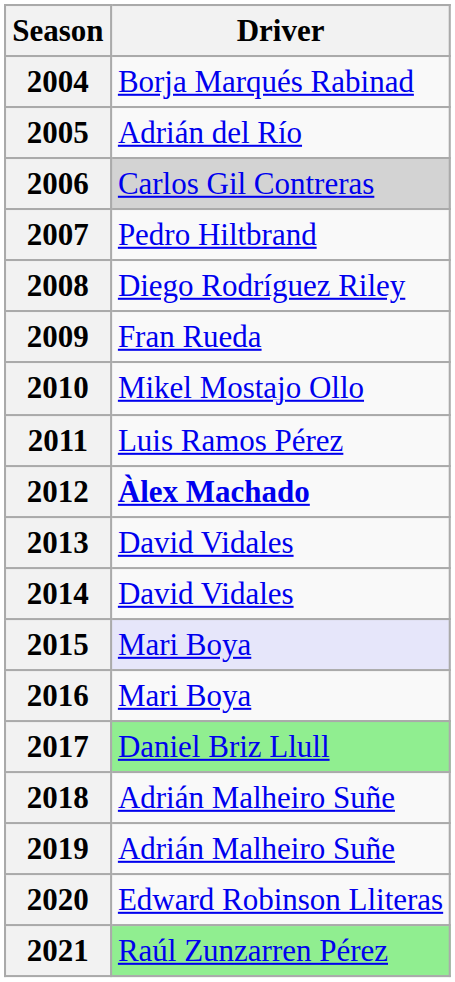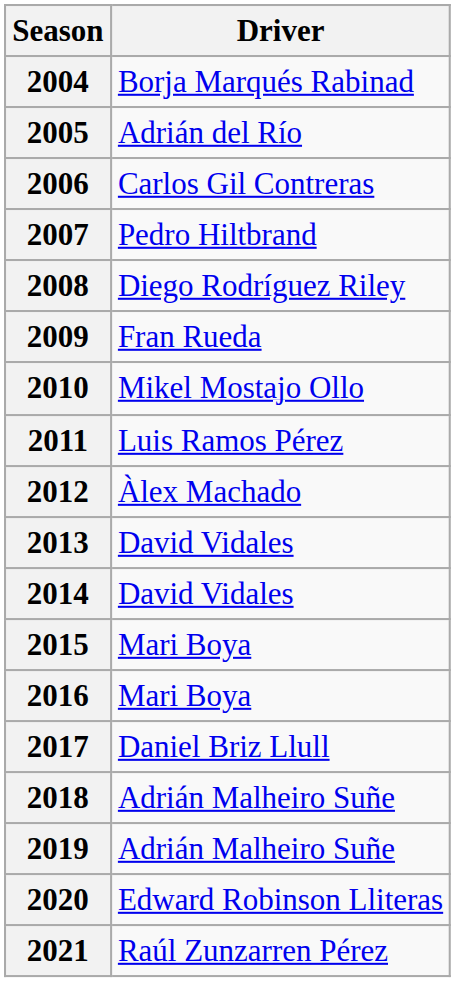 <table class="wikitable" style="font-size: 95%;">
 <tr>
 <th>Season</th>
 <th>Driver</th>
 </tr>
 <tr>
 <th>2004</th>
 <td> <a href='#'>Borja Marqués Rabinad</a></td>
 </tr>
 <tr>
 <th>2005</th>
 <td> <a href='#'>Adrián del Río</a></td>
 </tr>
 <tr>
 <th>2006</th>
-<td style="background: lightgrey;"> <a href='#'>Carlos Gil Contreras</a></td>
+<td> <a href='#'>Carlos Gil Contreras</a></td>
 </tr>
 <tr>
 <th>2007</th>
 <td> <a href='#'>Pedro Hiltbrand</a></td>
 </tr>
 <tr>
 <th>2008</th>
 <td> <a href='#'>Diego Rodríguez Riley</a></td>
 </tr>
 <tr>
 <th>2009</th>
 <td> <a href='#'>Fran Rueda</a></td>
 </tr>
 <tr>
 <th>2010</th>
 <td> <a href='#'>Mikel Mostajo Ollo</a></td>
 </tr>
 <tr>
 <th>2011</th>
 <td> <a href='#'>Luis Ramos Pérez</a></td>
 </tr>
 <tr>
 <th>2012</th>
-<td><strong> <a href='#'>Àlex Machado</a></strong></td>
+<td> <a href='#'>Àlex Machado</a></td>
 </tr>
 <tr>
 <th>2013</th>
 <td> <a href='#'>David Vidales</a></td>
 </tr>
 <tr>
 <th>2014</th>
 <td> <a href='#'>David Vidales</a></td>
 </tr>
 <tr>
 <th>2015</th>
-<td style="background: lavender;"> <a href='#'>Mari Boya</a></td>
+<td> <a href='#'>Mari Boya</a></td>
 </tr>
 <tr>
 <th>2016</th>
 <td> <a href='#'>Mari Boya</a></td>
 </tr>
 <tr>
 <th>2017</th>
-<td style="background: lightgreen;"> <a href='#'>Daniel Briz Llull</a></td>
+<td> <a href='#'>Daniel Briz Llull</a></td>
 </tr>
 <tr>
 <th>2018</th>
 <td> <a href='#'>Adrián Malheiro Suñe</a></td>
 </tr>
 <tr>
 <th>2019</th>
 <td> <a href='#'>Adrián Malheiro Suñe</a></td>
 </tr>
 <tr>
 <th>2020</th>
 <td> <a href='#'>Edward Robinson Lliteras</a></td>
 </tr>
 <tr>
 <th>2021</th>
-<td style="background: lightgreen;"> <a href='#'>Raúl Zunzarren Pérez</a></td>
+<td> <a href='#'>Raúl Zunzarren Pérez</a></td>
 </tr>
 </table>
